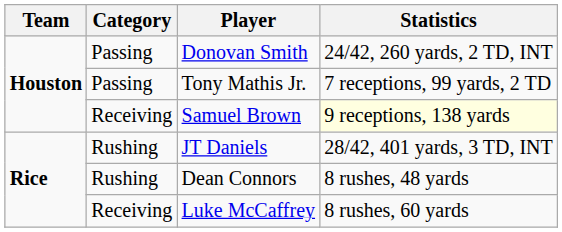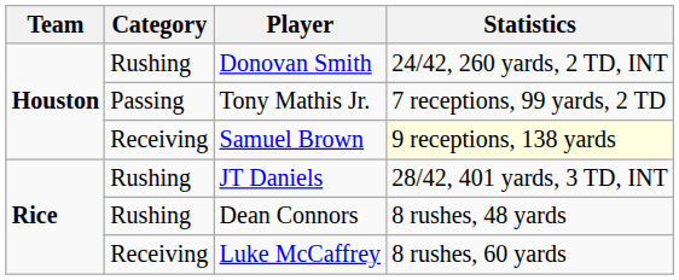 <table class="wikitable" style="float: right;">
 <tr>
 <th>Team</th>
 <th>Category</th>
 <th>Player</th>
 <th>Statistics</th>
 </tr>
 <tr>
 <td rowspan=3><strong>Houston</strong></td>
-<td>Passing</td>
+<td>Rushing</td>
 <td><a href='#'>Donovan Smith</a></td>
 <td>24/42, 260 yards, 2 TD, INT</td>
 </tr>
 <tr>
 <td>Passing</td>
 <td>Tony Mathis Jr.</td>
 <td>7 receptions, 99 yards, 2 TD</td>
 </tr>
 <tr>
 <td>Receiving</td>
 <td><a href='#'>Samuel Brown</a></td>
 <td style="background: lightyellow;">9 receptions, 138 yards</td>
 </tr>
 <tr>
 <td rowspan=3><strong>Rice</strong></td>
 <td>Rushing</td>
 <td><a href='#'>JT Daniels</a></td>
 <td>28/42, 401 yards, 3 TD, INT</td>
 </tr>
 <tr>
 <td>Rushing</td>
 <td>Dean Connors</td>
 <td>8 rushes, 48 yards</td>
 </tr>
 <tr>
 <td>Receiving</td>
 <td><a href='#'>Luke McCaffrey</a></td>
 <td>8 rushes, 60 yards</td>
 </tr>
 </table>
